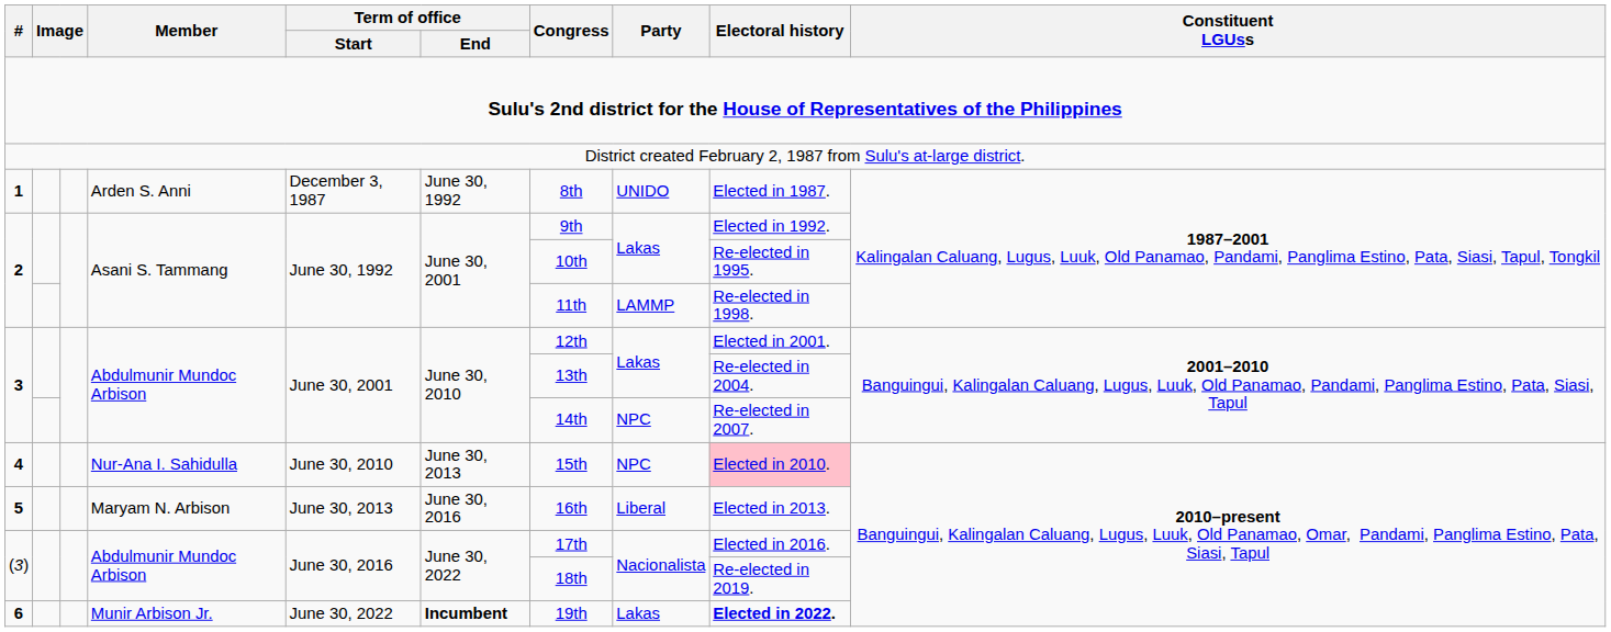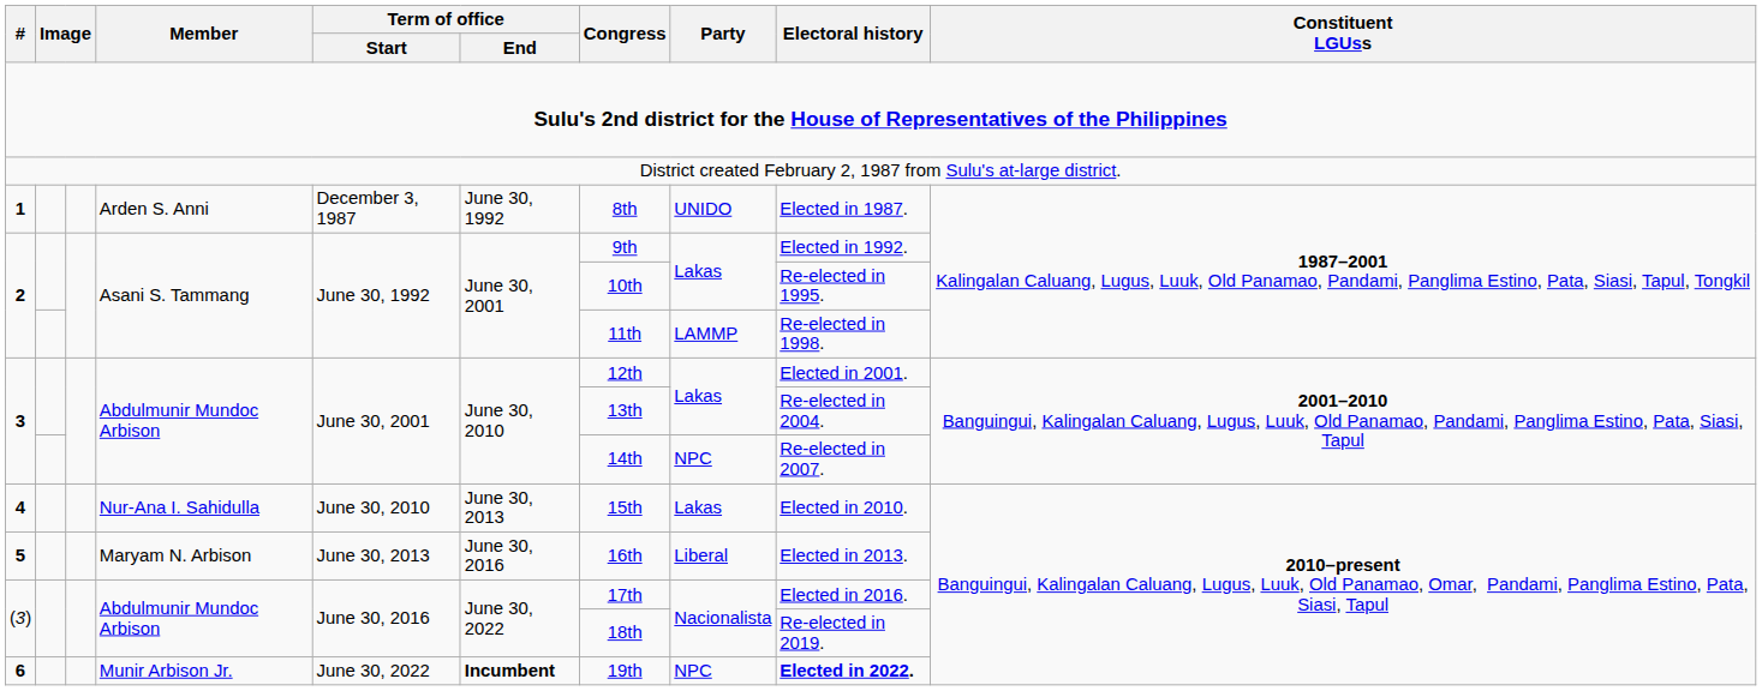 <table class=wikitable>
 <tr>
 <th rowspan="2">#</th>
 <th rowspan="2" colspan=2>Image</th>
 <th rowspan="2">Member</th>
 <th colspan=2>Term of office</th>
 <th rowspan="2">Congress</th>
 <th rowspan="2">Party</th>
 <th rowspan="2">Electoral history</th>
 <th rowspan="2">Constituent<br><a href='#'>LGUs</a>s</th>
 </tr>
 <tr>
 <th>Start</th>
 <th>End</th>
 </tr>
 <tr>
 <td colspan="10" style="text-align:center;"><br><h3>Sulu's 2nd district for the <a href='#'>House of Representatives of the Philippines</a></h3></td>
 </tr>
 <tr>
 <td colspan="10" style="text-align:center;">District created February 2, 1987 from <a href='#'>Sulu's at-large district</a>.</td>
 </tr>
 <tr>
 <td style="text-align:center;"><strong>1</strong></td>
 <td style="color:inherit;background:"></td>
 <td></td>
 <td>Arden S. Anni</td>
 <td>December 3, 1987</td>
 <td>June 30, 1992</td>
 <td style="text-align:center;"><a href='#'>8th</a></td>
 <td><a href='#'>UNIDO</a></td>
 <td><a href='#'>Elected in 1987</a>.</td>
 <td rowspan="4" style="text-align:center;"><strong>1987–2001</strong><br><a href='#'>Kalingalan Caluang</a>, <a href='#'>Lugus</a>, <a href='#'>Luuk</a>, <a href='#'>Old Panamao</a>, <a href='#'>Pandami</a>, <a href='#'>Panglima Estino</a>, <a href='#'>Pata</a>, <a href='#'>Siasi</a>, <a href='#'>Tapul</a>, <a href='#'>Tongkil</a></td>
 </tr>
 <tr>
 <td rowspan="3" style="text-align:center;"><strong>2</strong></td>
 <td rowspan="2" style="color:inherit;background:"></td>
 <td rowspan="3"></td>
 <td rowspan="3">Asani S. Tammang</td>
 <td rowspan="3">June 30, 1992</td>
 <td rowspan="3">June 30, 2001</td>
 <td style="text-align:center;"><a href='#'>9th</a></td>
 <td rowspan="2"><a href='#'>Lakas</a></td>
 <td><a href='#'>Elected in 1992</a>.</td>
 </tr>
 <tr>
 <td style="text-align:center;"><a href='#'>10th</a></td>
 <td><a href='#'>Re-elected in 1995</a>.</td>
 </tr>
 <tr>
 <td style="color:inherit;background:"></td>
 <td style="text-align:center;"><a href='#'>11th</a></td>
 <td><a href='#'>LAMMP</a></td>
 <td><a href='#'>Re-elected in 1998</a>.</td>
 </tr>
 <tr>
 <td rowspan="3" style="text-align:center;"><strong>3</strong></td>
 <td rowspan="2" style="color:inherit;background:"></td>
 <td rowspan="3"></td>
 <td rowspan="3"><a href='#'>Abdulmunir Mundoc Arbison</a></td>
 <td rowspan="3">June 30, 2001</td>
 <td rowspan="3">June 30, 2010</td>
 <td style="text-align:center;"><a href='#'>12th</a></td>
 <td rowspan="2"><a href='#'>Lakas</a></td>
 <td><a href='#'>Elected in 2001</a>.</td>
 <td rowspan="3" style="text-align:center;"><strong>2001–2010</strong><br><a href='#'>Banguingui</a>, <a href='#'>Kalingalan Caluang</a>, <a href='#'>Lugus</a>, <a href='#'>Luuk</a>, <a href='#'>Old Panamao</a>, <a href='#'>Pandami</a>, <a href='#'>Panglima Estino</a>, <a href='#'>Pata</a>, <a href='#'>Siasi</a>, <a href='#'>Tapul</a></td>
 </tr>
 <tr>
 <td style="text-align:center;"><a href='#'>13th</a></td>
 <td><a href='#'>Re-elected in 2004</a>.</td>
 </tr>
 <tr>
 <td style="color:inherit;background:"></td>
 <td style="text-align:center;"><a href='#'>14th</a></td>
 <td><a href='#'>NPC</a></td>
 <td><a href='#'>Re-elected in 2007</a>.</td>
 </tr>
 <tr>
 <td style="text-align:center;"><strong>4</strong></td>
 <td style="color:inherit;background:"></td>
 <td></td>
 <td><a href='#'>Nur-Ana I. Sahidulla</a></td>
 <td>June 30, 2010</td>
 <td>June 30, 2013</td>
 <td style="text-align:center;"><a href='#'>15th</a></td>
-<td><a href='#'>NPC</a></td>
-<td style="background: pink;"><a href='#'>Elected in 2010</a>.</td>
+<td><a href='#'>Lakas</a></td>
+<td><a href='#'>Elected in 2010</a>.</td>
 <td rowspan=99 style="text-align:center;"><strong>2010–present</strong><br><a href='#'>Banguingui</a>, <a href='#'>Kalingalan Caluang</a>, <a href='#'>Lugus</a>, <a href='#'>Luuk</a>, <a href='#'>Old Panamao</a>, <a href='#'>Omar</a>,  <a href='#'>Pandami</a>, <a href='#'>Panglima Estino</a>, <a href='#'>Pata</a>, <a href='#'>Siasi</a>, <a href='#'>Tapul</a></td>
 </tr>
 <tr>
 <td style="text-align:center;"><strong>5</strong></td>
 <td style="color:inherit;background:"></td>
 <td></td>
 <td>Maryam N. Arbison</td>
 <td>June 30, 2013</td>
 <td>June 30, 2016</td>
 <td style="text-align:center;"><a href='#'>16th</a></td>
 <td><a href='#'>Liberal</a></td>
 <td><a href='#'>Elected in 2013</a>.</td>
 </tr>
 <tr>
 <td rowspan="2" style="text-align:center;">(<em>3</em>)</td>
 <td rowspan="2" style="color:inherit;background:"></td>
 <td rowspan="2"></td>
 <td rowspan="2"><a href='#'>Abdulmunir Mundoc Arbison</a></td>
 <td rowspan="2">June 30, 2016</td>
 <td rowspan="2">June 30, 2022</td>
 <td style="text-align:center;"><a href='#'>17th</a></td>
 <td rowspan="2"><a href='#'>Nacionalista</a></td>
 <td><a href='#'>Elected in 2016</a>.</td>
 </tr>
 <tr>
 <td style="text-align:center;"><a href='#'>18th</a></td>
 <td><a href='#'>Re-elected in 2019</a>.</td>
 </tr>
 <tr>
 <td style="text-align:center;"><strong>6</strong></td>
 <td style="color:inherit;background:"></td>
 <td></td>
 <td><a href='#'>Munir Arbison Jr.</a></td>
 <td>June 30, 2022</td>
 <td><strong>Incumbent</strong></td>
 <td style="text-align:center;"><a href='#'>19th</a></td>
-<td><a href='#'>Lakas</a></td>
+<td><a href='#'>NPC</a></td>
 <td><strong><a href='#'>Elected in 2022</a>.</strong></td>
 </tr>
 </table>
